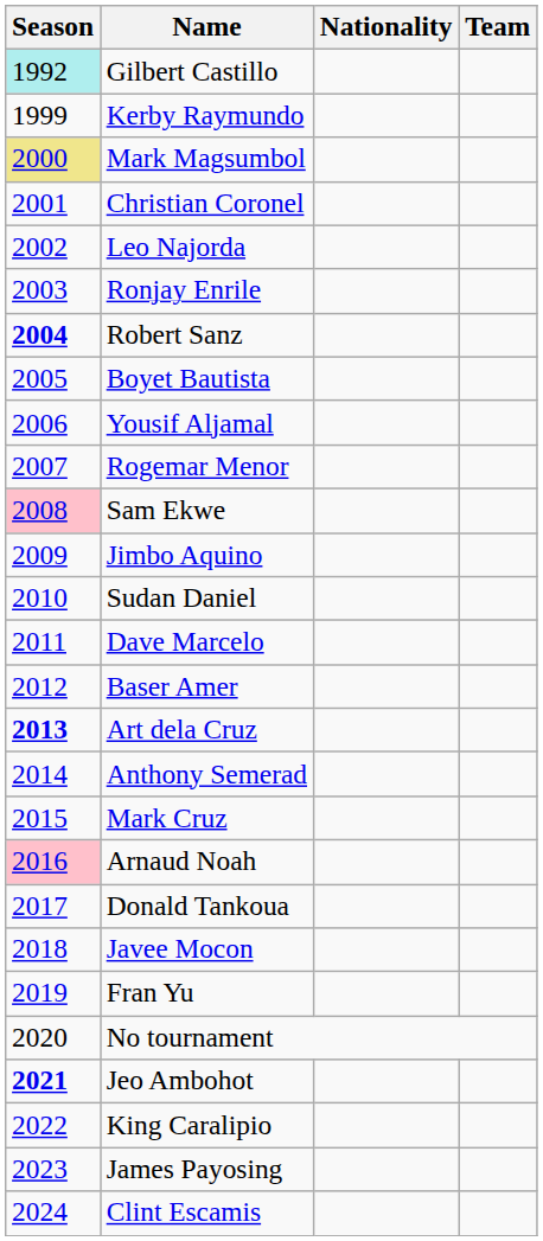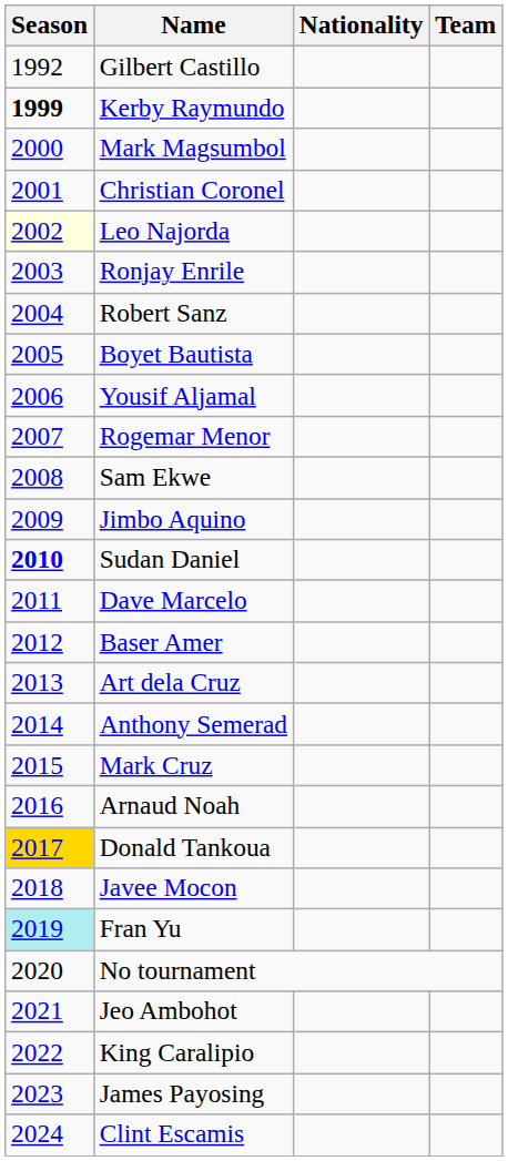 <table class="wikitable">
 <tr>
 <th>Season</th>
 <th>Name</th>
 <th>Nationality</th>
 <th>Team</th>
 </tr>
 <tr>
-<td style="background: paleturquoise;">1992</td>
+<td>1992</td>
 <td>Gilbert Castillo</td>
 <td></td>
 <td></td>
 </tr>
 <tr>
-<td>1999</td>
+<td><strong>1999</strong></td>
 <td><a href='#'>Kerby Raymundo</a></td>
 <td></td>
 <td></td>
 </tr>
 <tr>
-<td style="background: khaki;"><a href='#'>2000</a></td>
+<td><a href='#'>2000</a></td>
 <td><a href='#'>Mark Magsumbol</a></td>
 <td></td>
 <td></td>
 </tr>
 <tr>
 <td><a href='#'>2001</a></td>
 <td><a href='#'>Christian Coronel</a></td>
 <td></td>
 <td></td>
 </tr>
 <tr>
-<td><a href='#'>2002</a></td>
+<td style="background: lightyellow;"><a href='#'>2002</a></td>
 <td><a href='#'>Leo Najorda</a></td>
 <td></td>
 <td></td>
 </tr>
 <tr>
 <td><a href='#'>2003</a></td>
 <td><a href='#'>Ronjay Enrile</a></td>
 <td></td>
 <td></td>
 </tr>
 <tr>
-<td><strong><a href='#'>2004</a></strong></td>
+<td><a href='#'>2004</a></td>
 <td>Robert Sanz</td>
 <td></td>
 <td></td>
 </tr>
 <tr>
 <td><a href='#'>2005</a></td>
 <td><a href='#'>Boyet Bautista</a></td>
 <td></td>
 <td></td>
 </tr>
 <tr>
 <td><a href='#'>2006</a></td>
 <td><a href='#'>Yousif Aljamal</a></td>
 <td></td>
 <td></td>
 </tr>
 <tr>
 <td><a href='#'>2007</a></td>
 <td><a href='#'>Rogemar Menor</a></td>
 <td></td>
 <td></td>
 </tr>
 <tr>
-<td style="background: pink;"><a href='#'>2008</a></td>
+<td><a href='#'>2008</a></td>
 <td>Sam Ekwe</td>
 <td></td>
 <td></td>
 </tr>
 <tr>
 <td><a href='#'>2009</a></td>
 <td><a href='#'>Jimbo Aquino</a></td>
 <td></td>
 <td></td>
 </tr>
 <tr>
-<td><a href='#'>2010</a></td>
+<td><strong><a href='#'>2010</a></strong></td>
 <td>Sudan Daniel</td>
 <td></td>
 <td></td>
 </tr>
 <tr>
 <td><a href='#'>2011</a></td>
 <td><a href='#'>Dave Marcelo</a></td>
 <td></td>
 <td></td>
 </tr>
 <tr>
 <td><a href='#'>2012</a></td>
 <td><a href='#'>Baser Amer</a></td>
 <td></td>
 <td></td>
 </tr>
 <tr>
-<td><strong><a href='#'>2013</a></strong></td>
+<td><a href='#'>2013</a></td>
 <td><a href='#'>Art dela Cruz</a></td>
 <td></td>
 <td></td>
 </tr>
 <tr>
 <td><a href='#'>2014</a></td>
 <td><a href='#'>Anthony Semerad</a></td>
 <td></td>
 <td></td>
 </tr>
 <tr>
 <td><a href='#'>2015</a></td>
 <td><a href='#'>Mark Cruz</a></td>
 <td></td>
 <td></td>
 </tr>
 <tr>
-<td style="background: pink;"><a href='#'>2016</a></td>
+<td><a href='#'>2016</a></td>
 <td>Arnaud Noah</td>
 <td></td>
 <td></td>
 </tr>
 <tr>
-<td><a href='#'>2017</a></td>
+<td style="background: gold;"><a href='#'>2017</a></td>
 <td>Donald Tankoua</td>
 <td></td>
 <td></td>
 </tr>
 <tr>
 <td><a href='#'>2018</a></td>
 <td><a href='#'>Javee Mocon</a></td>
 <td></td>
 <td></td>
 </tr>
 <tr>
-<td><a href='#'>2019</a></td>
+<td style="background: paleturquoise;"><a href='#'>2019</a></td>
 <td>Fran Yu</td>
 <td></td>
 <td></td>
 </tr>
 <tr>
 <td>2020</td>
 <td colspan="3">No tournament</td>
 </tr>
 <tr>
-<td><strong><a href='#'>2021</a></strong></td>
+<td><a href='#'>2021</a></td>
 <td>Jeo Ambohot</td>
 <td></td>
 <td></td>
 </tr>
 <tr>
 <td><a href='#'>2022</a></td>
 <td>King Caralipio</td>
 <td></td>
 <td></td>
 </tr>
 <tr>
 <td><a href='#'>2023</a></td>
 <td>James Payosing</td>
 <td></td>
 <td></td>
 </tr>
 <tr>
 <td><a href='#'>2024</a></td>
 <td><a href='#'>Clint Escamis</a></td>
 <td></td>
 <td></td>
 </tr>
 </table>
